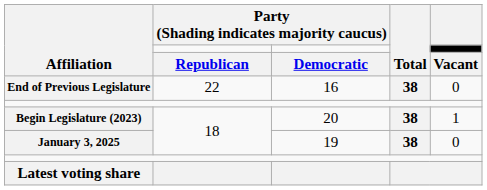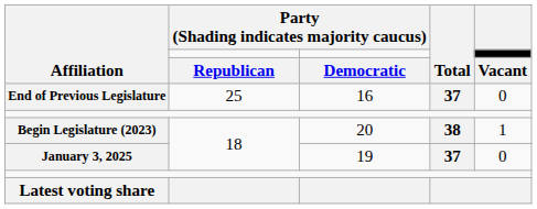 <table class="wikitable" style="text-align:center">
 <tr style="vertical-align:bottom">
 <th rowspan=3>Affiliation</th>
 <th colspan=2>Party <div>(Shading indicates majority caucus)</div></th>
 <th rowspan=3>Total</th>
 <th></th>
 </tr>
 <tr style="height:5px">
 <td style="background-color:"></td>
 <td style="background-color:"></td>
 <td style="background: black"></td>
 </tr>
 <tr>
 <th><a href='#'>Republican</a></th>
 <th><a href='#'>Democratic</a></th>
 <th>Vacant</th>
 </tr>
 <tr>
 <th nowrap style="font-size:80%">End of Previous Legislature</th>
-<td>22</td>
+<td>25</td>
 <td>16</td>
-<th>38</th>
+<th>37</th>
 <td>0</td>
 </tr>
 <tr>
 <td colspan=5></td>
 </tr>
 <tr>
 <th nowrap style="font-size:80%">Begin Legislature (2023)</th>
 <td rowspan=2>18</td>
 <td>20</td>
 <th>38</th>
 <td>1</td>
 </tr>
 <tr>
 <th nowrap style="font-size:80%">January 3, 2025</th>
 <td>19</td>
-<th>38</th>
+<th>37</th>
 <td>0</td>
 </tr>
 <tr>
 <td colspan=5></td>
 </tr>
 <tr>
 <th>Latest voting share</th>
 <th></th>
 <th></th>
 <th colspan=2></th>
 </tr>
 </table>
